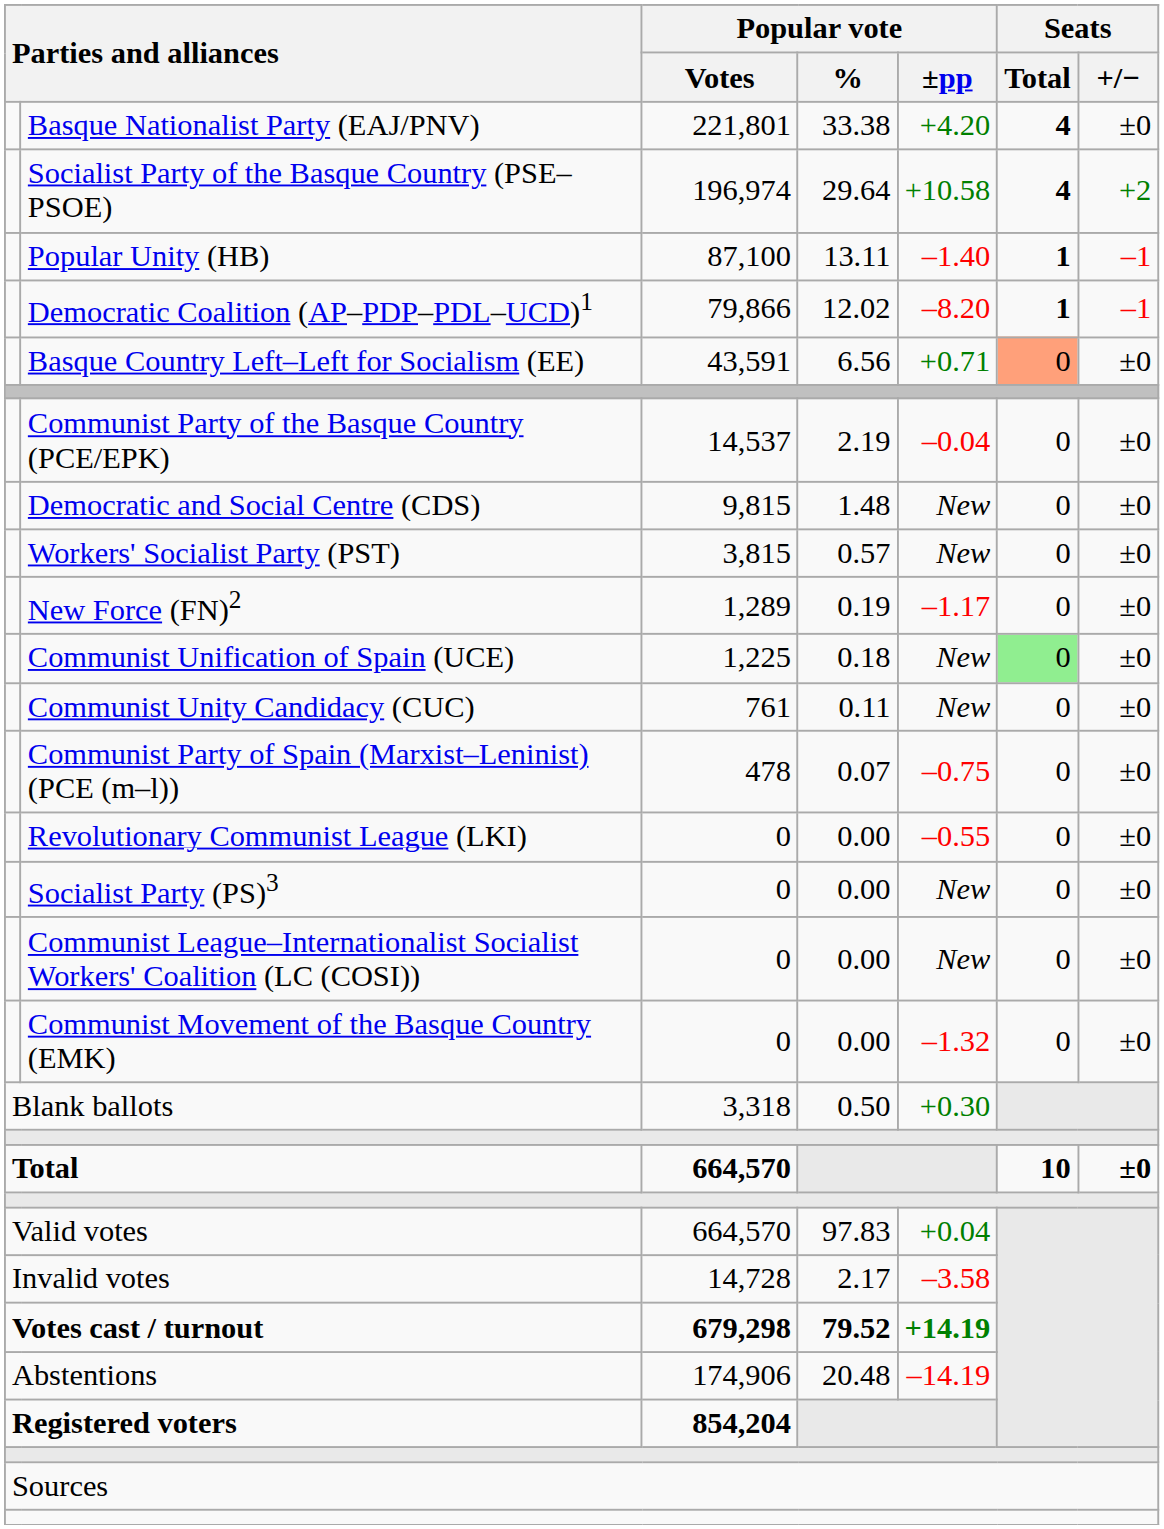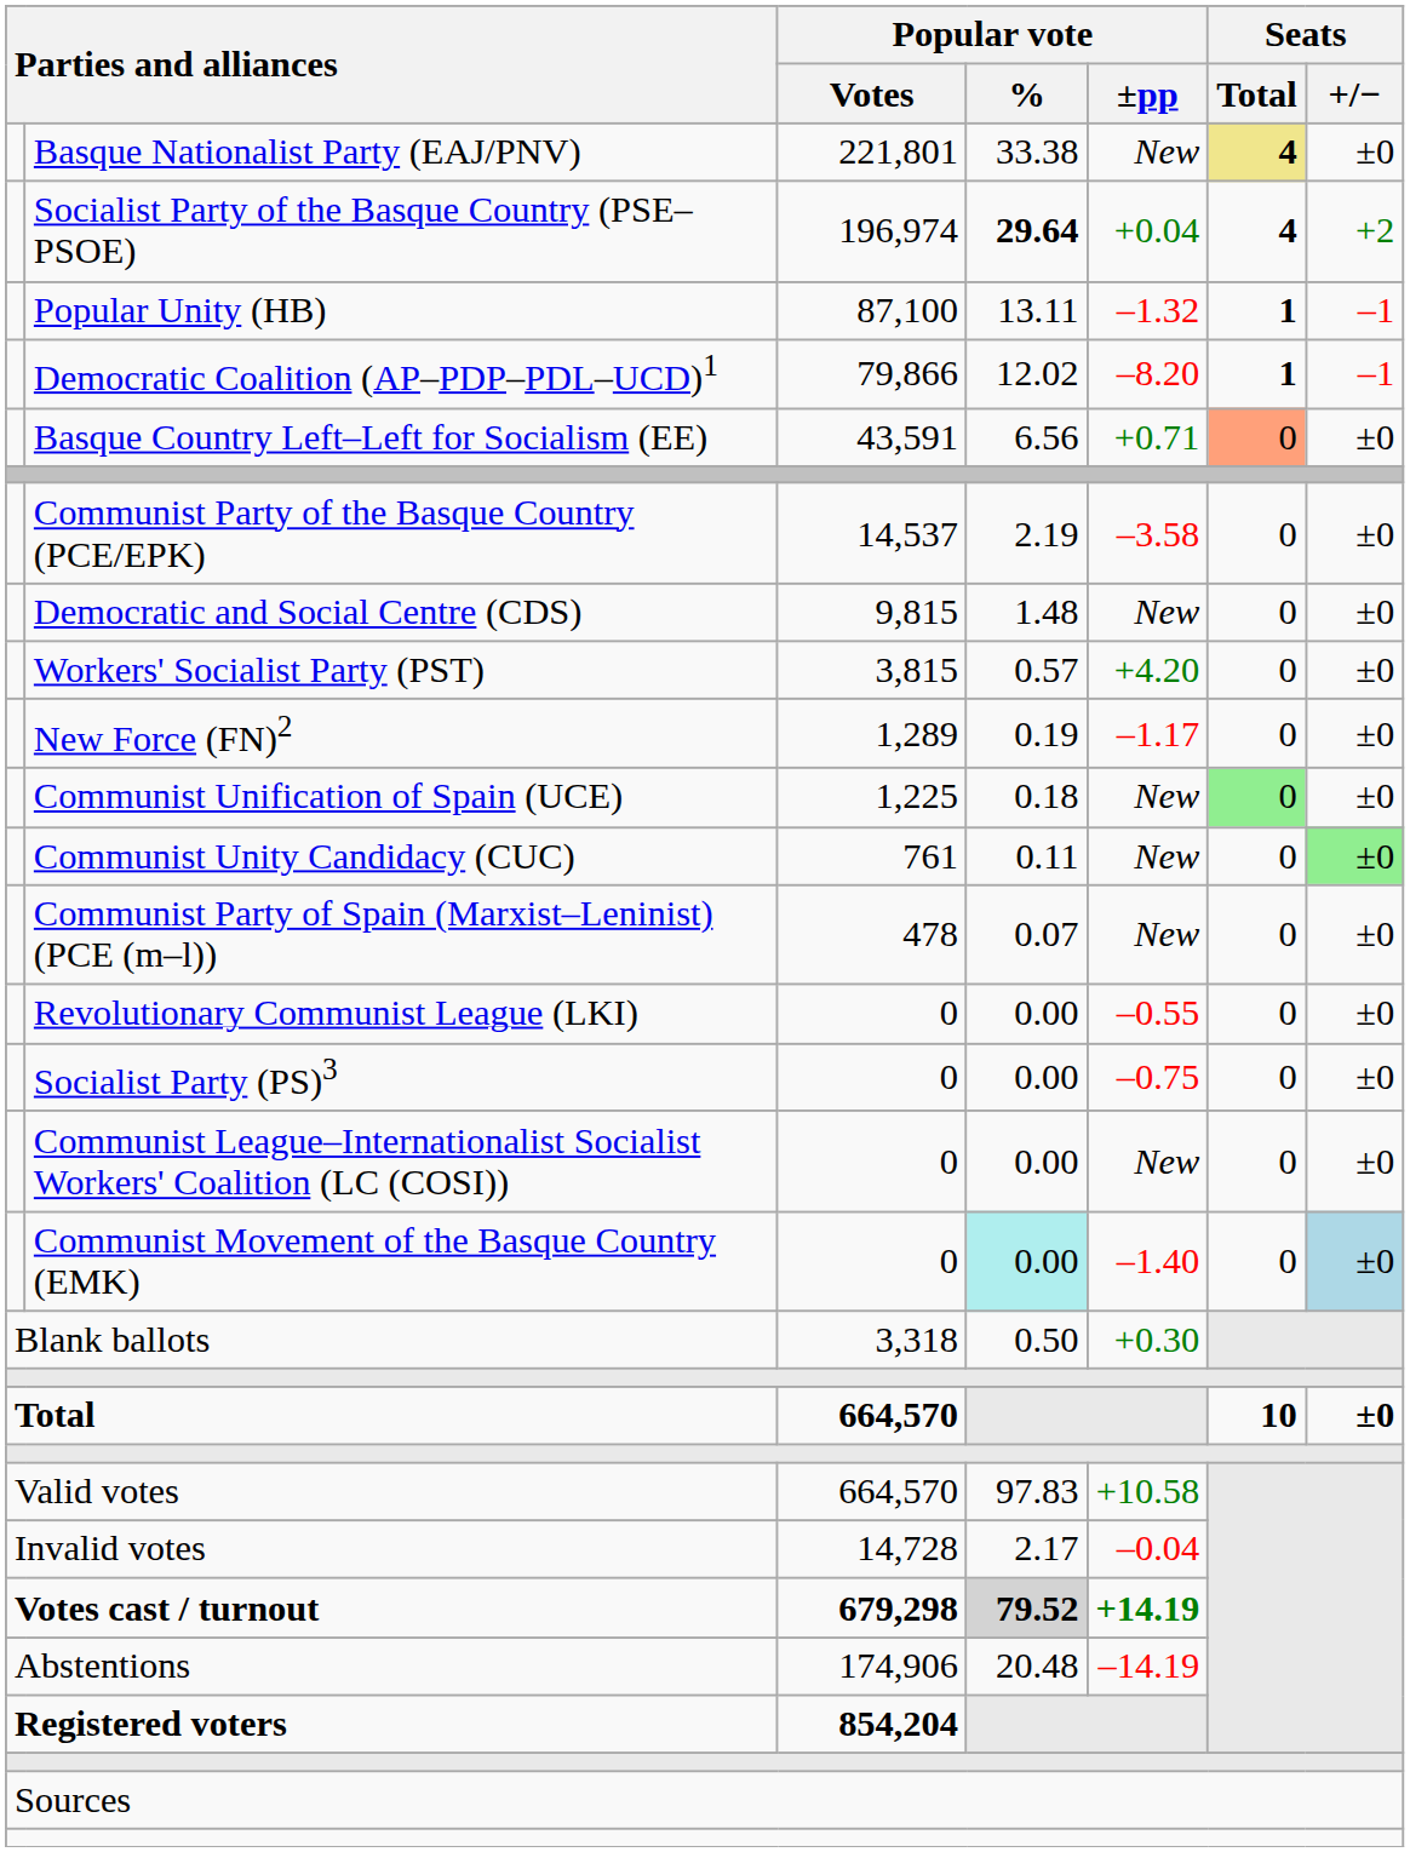 <table class="wikitable" style="text-align:right;">
 <tr>
 <th style="text-align:left;" rowspan="2" colspan="2" width="525">Parties and alliances</th>
 <th colspan="3">Popular vote</th>
 <th colspan="2">Seats</th>
 </tr>
 <tr>
 <th width="75">Votes</th>
 <th width="45">%</th>
 <th width="45">±<a href='#'>pp</a></th>
 <th width="35">Total</th>
 <th width="35">+/−</th>
 </tr>
 <tr>
 <td width="1" style="color:inherit;background:"></td>
 <td align="left"><a href='#'>Basque Nationalist Party</a> (EAJ/PNV)</td>
 <td>221,801</td>
 <td>33.38</td>
-<td style="color:green;">+4.20</td>
-<td><strong>4</strong></td>
+<td><em>New</em></td>
+<td style="background: khaki;"><strong>4</strong></td>
 <td>±0</td>
 </tr>
 <tr>
 <td style="color:inherit;background:"></td>
 <td align="left"><a href='#'>Socialist Party of the Basque Country</a> (PSE–PSOE)</td>
 <td>196,974</td>
-<td>29.64</td>
-<td style="color:green;">+10.58</td>
+<td><strong>29.64</strong></td>
+<td style="color:green;">+0.04</td>
 <td><strong>4</strong></td>
 <td style="color:green;">+2</td>
 </tr>
 <tr>
 <td style="color:inherit;background:"></td>
 <td align="left"><a href='#'>Popular Unity</a> (HB)</td>
 <td>87,100</td>
 <td>13.11</td>
-<td style="color:red;">–1.40</td>
+<td style="color:red;">–1.32</td>
 <td><strong>1</strong></td>
 <td style="color:red;">–1</td>
 </tr>
 <tr>
 <td style="color:inherit;background:"></td>
 <td align="left"><a href='#'>Democratic Coalition</a> (<a href='#'>AP</a>–<a href='#'>PDP</a>–<a href='#'>PDL</a>–<a href='#'>UCD</a>)<sup>1</sup></td>
 <td>79,866</td>
 <td>12.02</td>
 <td style="color:red;">–8.20</td>
 <td><strong>1</strong></td>
 <td style="color:red;">–1</td>
 </tr>
 <tr>
 <td style="color:inherit;background:"></td>
 <td align="left"><a href='#'>Basque Country Left–Left for Socialism</a> (EE)</td>
 <td>43,591</td>
 <td>6.56</td>
 <td style="color:green;">+0.71</td>
 <td style="background: lightsalmon;">0</td>
 <td>±0</td>
 </tr>
 <tr>
 <td colspan="7" bgcolor="#C0C0C0"></td>
 </tr>
 <tr>
 <td style="color:inherit;background:"></td>
 <td align="left"><a href='#'>Communist Party of the Basque Country</a> (PCE/EPK)</td>
 <td>14,537</td>
 <td>2.19</td>
-<td style="color:red;">–0.04</td>
+<td style="color:red;">–3.58</td>
 <td>0</td>
 <td>±0</td>
 </tr>
 <tr>
 <td style="color:inherit;background:"></td>
 <td align="left"><a href='#'>Democratic and Social Centre</a> (CDS)</td>
 <td>9,815</td>
 <td>1.48</td>
 <td><em>New</em></td>
 <td>0</td>
 <td>±0</td>
 </tr>
 <tr>
 <td style="color:inherit;background:"></td>
 <td align="left"><a href='#'>Workers' Socialist Party</a> (PST)</td>
 <td>3,815</td>
 <td>0.57</td>
-<td><em>New</em></td>
+<td style="color:green;">+4.20</td>
 <td>0</td>
 <td>±0</td>
 </tr>
 <tr>
 <td style="color:inherit;background:"></td>
 <td align="left"><a href='#'>New Force</a> (FN)<sup>2</sup></td>
 <td>1,289</td>
 <td>0.19</td>
 <td style="color:red;">–1.17</td>
 <td>0</td>
 <td>±0</td>
 </tr>
 <tr>
 <td style="color:inherit;background:"></td>
 <td align="left"><a href='#'>Communist Unification of Spain</a> (UCE)</td>
 <td>1,225</td>
 <td>0.18</td>
 <td><em>New</em></td>
 <td style="background: lightgreen;">0</td>
 <td>±0</td>
 </tr>
 <tr>
 <td style="color:inherit;background:"></td>
 <td align="left"><a href='#'>Communist Unity Candidacy</a> (CUC)</td>
 <td>761</td>
 <td>0.11</td>
 <td><em>New</em></td>
 <td>0</td>
-<td>±0</td>
+<td style="background: lightgreen;">±0</td>
 </tr>
 <tr>
 <td style="color:inherit;background:"></td>
 <td align="left"><a href='#'>Communist Party of Spain (Marxist–Leninist)</a> (PCE (m–l))</td>
 <td>478</td>
 <td>0.07</td>
-<td style="color:red;">–0.75</td>
+<td><em>New</em></td>
 <td>0</td>
 <td>±0</td>
 </tr>
 <tr>
 <td style="color:inherit;background:"></td>
 <td align="left"><a href='#'>Revolutionary Communist League</a> (LKI)</td>
 <td>0</td>
 <td>0.00</td>
 <td style="color:red;">–0.55</td>
 <td>0</td>
 <td>±0</td>
 </tr>
 <tr>
 <td style="color:inherit;background:"></td>
 <td align="left"><a href='#'>Socialist Party</a> (PS)<sup>3</sup></td>
 <td>0</td>
 <td>0.00</td>
-<td><em>New</em></td>
+<td style="color:red;">–0.75</td>
 <td>0</td>
 <td>±0</td>
 </tr>
 <tr>
 <td style="color:inherit;background:"></td>
 <td align="left"><a href='#'>Communist League–Internationalist Socialist Workers' Coalition</a> (LC (COSI))</td>
 <td>0</td>
 <td>0.00</td>
 <td><em>New</em></td>
 <td>0</td>
 <td>±0</td>
 </tr>
 <tr>
 <td style="color:inherit;background:"></td>
 <td align="left"><a href='#'>Communist Movement of the Basque Country</a> (EMK)</td>
 <td>0</td>
-<td>0.00</td>
-<td style="color:red;">–1.32</td>
+<td style="background: paleturquoise;">0.00</td>
+<td style="color:red;">–1.40</td>
 <td>0</td>
-<td>±0</td>
+<td style="background: lightblue;">±0</td>
 </tr>
 <tr>
 <td align="left" colspan="2">Blank ballots</td>
 <td>3,318</td>
 <td>0.50</td>
 <td style="color:green;">+0.30</td>
 <td bgcolor="#E9E9E9" colspan="2"></td>
 </tr>
 <tr>
 <td colspan="7" bgcolor="#E9E9E9"></td>
 </tr>
 <tr style="font-weight:bold;">
 <td align="left" colspan="2">Total</td>
 <td>664,570</td>
 <td bgcolor="#E9E9E9" colspan="2"></td>
 <td>10</td>
 <td>±0</td>
 </tr>
 <tr>
 <td colspan="7" bgcolor="#E9E9E9"></td>
 </tr>
 <tr>
 <td align="left" colspan="2">Valid votes</td>
 <td>664,570</td>
 <td>97.83</td>
-<td style="color:green;">+0.04</td>
+<td style="color:green;">+10.58</td>
 <td bgcolor="#E9E9E9" colspan="2" rowspan="5"></td>
 </tr>
 <tr>
 <td align="left" colspan="2">Invalid votes</td>
 <td>14,728</td>
 <td>2.17</td>
-<td style="color:red;">–3.58</td>
+<td style="color:red;">–0.04</td>
 </tr>
 <tr style="font-weight:bold;">
 <td align="left" colspan="2">Votes cast / turnout</td>
 <td>679,298</td>
-<td>79.52</td>
+<td style="background: lightgrey;">79.52</td>
 <td style="color:green;">+14.19</td>
 </tr>
 <tr>
 <td align="left" colspan="2">Abstentions</td>
 <td>174,906</td>
 <td>20.48</td>
 <td style="color:red;">–14.19</td>
 </tr>
 <tr style="font-weight:bold;">
 <td align="left" colspan="2">Registered voters</td>
 <td>854,204</td>
 <td bgcolor="#E9E9E9" colspan="2"></td>
 </tr>
 <tr>
 <td colspan="7" bgcolor="#E9E9E9"></td>
 </tr>
 <tr>
 <td align="left" colspan="7">Sources</td>
 </tr>
 <tr>
 <td colspan="7" style="text-align:left; max-width:790px;"></td>
 </tr>
 </table>
